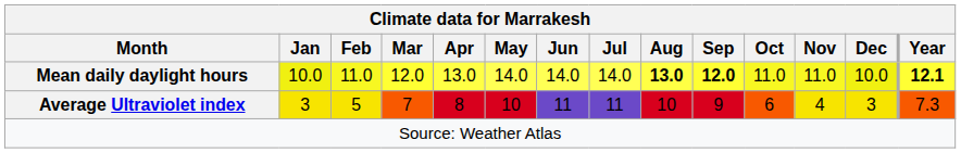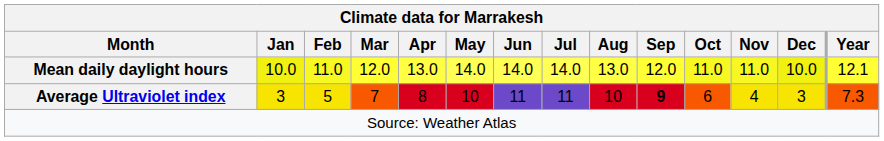 <table style="width:100%;text-align:center;line-height:1.2em;margin-left:auto;margin-right:auto" class="wikitable mw-collapsible">
 <tr>
 <th Colspan=14>Climate data for Marrakesh</th>
 </tr>
 <tr>
 <th>Month</th>
 <th>Jan</th>
 <th>Feb</th>
 <th>Mar</th>
 <th>Apr</th>
 <th>May</th>
 <th>Jun</th>
 <th>Jul</th>
 <th>Aug</th>
 <th>Sep</th>
 <th>Oct</th>
 <th>Nov</th>
 <th>Dec</th>
 <th style="border-left-width:medium">Year</th>
 </tr>
 <tr>
 <th>Mean daily daylight hours</th>
 <td style="background:#F0F011;color:#000000;">10.0</td>
 <td style="background:#F7F722;color:#000000;">11.0</td>
 <td style="background:#FFFF33;color:#000000;">12.0</td>
 <td style="background:#FFFF44;color:#000000;">13.0</td>
 <td style="background:#FFFF55;color:#000000;">14.0</td>
 <td style="background:#FFFF55;color:#000000;">14.0</td>
 <td style="background:#FFFF55;color:#000000;">14.0</td>
-<td style="background:#FFFF44;color:#000000;"><strong>13.0</strong></td>
-<td style="background:#FFFF33;color:#000000;"><strong>12.0</strong></td>
+<td style="background:#FFFF44;color:#000000;">13.0</td>
+<td style="background:#FFFF33;color:#000000;">12.0</td>
 <td style="background:#F7F722;color:#000000;">11.0</td>
 <td style="background:#F7F722;color:#000000;">11.0</td>
 <td style="background:#F0F011;color:#000000;">10.0</td>
-<td style="background:#FFFF34;color:#000000;border-left-width:medium"><strong>12.1</strong></td>
+<td style="background:#FFFF34;color:#000000;border-left-width:medium">12.1</td>
 </tr>
 <tr>
 <th>Average <a href='#'>Ultraviolet index</a></th>
 <td style="background:#f7e400;color:#000000;">3</td>
 <td style="background:#f7e400;color:#000000;">5</td>
 <td style="background:#f85900;color:#000000;">7</td>
 <td style="background:#d8001d;color:#000000;">8</td>
 <td style="background:#d8001d;color:#000000;">10</td>
 <td style="background:#6b49c8;color:#000000;">11</td>
 <td style="background:#6b49c8;color:#000000;">11</td>
 <td style="background:#d8001d;color:#000000;">10</td>
-<td style="background:#d8001d;color:#000000;">9</td>
+<td style="background:#d8001d;color:#000000;"><strong>9</strong></td>
 <td style="background:#f85900;color:#000000;">6</td>
 <td style="background:#f7e400;color:#000000;">4</td>
 <td style="background:#f7e400;color:#000000;">3</td>
 <td style="background:#f85900;color:#000000;border-left-width:medium">7.3</td>
 </tr>
 <tr>
 <th Colspan=14 style="background:#f8f9fa;font-weight:normal;font-size:95%;">Source: Weather Atlas</th>
 </tr>
 </table>
